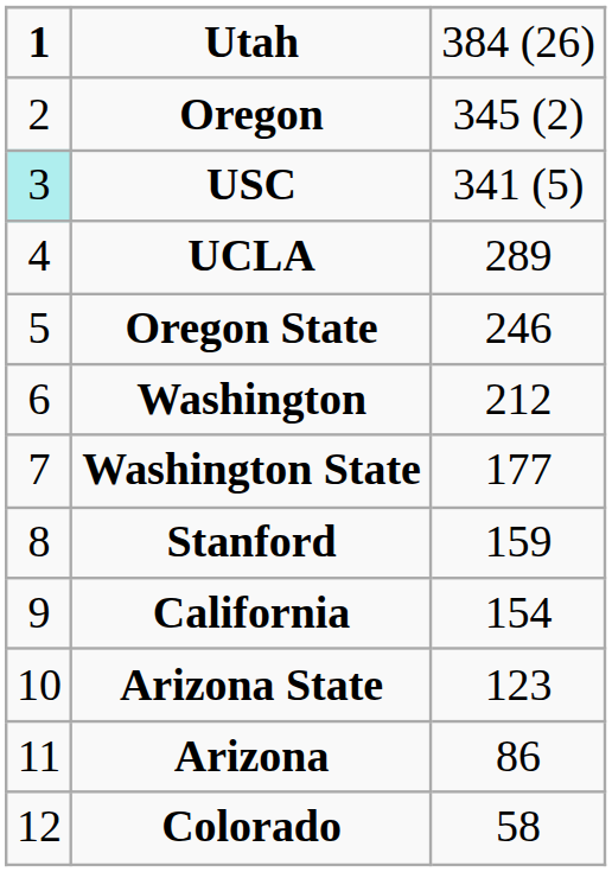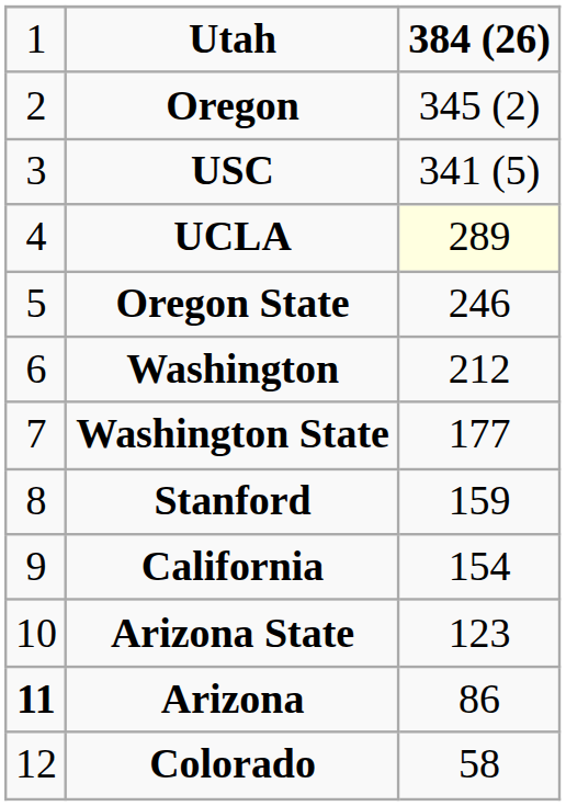 <table class="wikitable" style="display: inline-table;">
 <tr align="center">
 </tr>
 <tr align="center">
-<td><strong>1</strong></td>
+<td>1</td>
 <td><strong>Utah</strong></td>
-<td>384 (26)</td>
+<td><strong>384 (26)</strong></td>
 </tr>
 <tr align="center">
 <td>2</td>
 <td><strong>Oregon</strong></td>
 <td>345 (2)</td>
 </tr>
 <tr align="center">
-<td style="background: paleturquoise;">3</td>
+<td>3</td>
 <td><strong>USC</strong></td>
 <td>341 (5)</td>
 </tr>
 <tr align="center">
 <td>4</td>
 <td><strong>UCLA</strong></td>
-<td>289</td>
+<td style="background: lightyellow;">289</td>
 </tr>
 <tr align="center">
 <td>5</td>
 <td><strong>Oregon State</strong></td>
 <td>246</td>
 </tr>
 <tr align="center">
 <td>6</td>
 <td><strong>Washington</strong></td>
 <td>212</td>
 </tr>
 <tr align="center">
 <td>7</td>
 <td><strong>Washington State</strong></td>
 <td>177</td>
 </tr>
 <tr align="center">
 <td>8</td>
 <td><strong>Stanford</strong></td>
 <td>159</td>
 </tr>
 <tr align="center">
 <td>9</td>
 <td><strong>California</strong></td>
 <td>154</td>
 </tr>
 <tr align="center">
 <td>10</td>
 <td><strong>Arizona State</strong></td>
 <td>123</td>
 </tr>
 <tr align="center">
-<td>11</td>
+<td><strong>11</strong></td>
 <td><strong>Arizona</strong></td>
 <td>86</td>
 </tr>
 <tr align="center">
 <td>12</td>
 <td><strong>Colorado</strong></td>
 <td>58</td>
 </tr>
 </table>
